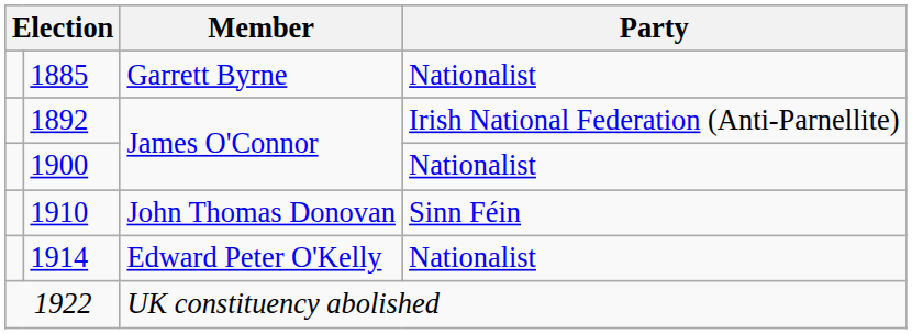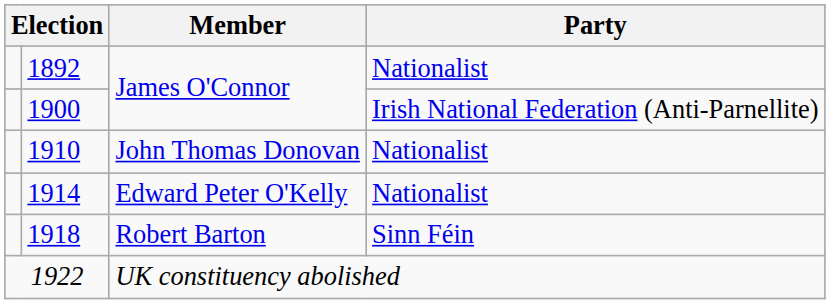 <table class="wikitable">
 <tr>
 <th colspan="2">Election</th>
 <th>Member</th>
 <th>Party</th>
 </tr>
 <tr>
 <td style="color:inherit;background-color: "></td>
-<td><a href='#'>1885</a></td>
-<td><a href='#'>Garrett Byrne</a></td>
+<td><a href='#'>1892</a></td>
+<td rowspan="2"><a href='#'>James O'Connor</a></td>
 <td><a href='#'>Nationalist</a></td>
 </tr>
 <tr>
 <td style="color:inherit;background-color: "></td>
-<td><a href='#'>1892</a></td>
-<td rowspan="2"><a href='#'>James O'Connor</a></td>
+<td><a href='#'>1900</a></td>
 <td><a href='#'>Irish National Federation</a> (Anti-Parnellite)</td>
-</tr>
-<tr>
-<td style="color:inherit;background-color: "></td>
-<td><a href='#'>1900</a></td>
-<td><a href='#'>Nationalist</a></td>
 </tr>
 <tr>
 <td style="color:inherit;background-color: "></td>
 <td><a href='#'>1910</a></td>
 <td><a href='#'>John Thomas Donovan</a></td>
-<td><a href='#'>Sinn Féin</a></td>
+<td><a href='#'>Nationalist</a></td>
 </tr>
 <tr>
 <td style="color:inherit;background-color: "></td>
 <td><a href='#'>1914</a></td>
 <td><a href='#'>Edward Peter O'Kelly</a></td>
 <td><a href='#'>Nationalist</a></td>
 </tr>
 <tr>
+<td style="color:inherit;background-color: "></td>
+<td><a href='#'>1918</a></td>
+<td><a href='#'>Robert Barton</a></td>
+<td><a href='#'>Sinn Féin</a></td>
+</tr>
+<tr>
 <td colspan="2" align="center"><em>1922</em></td>
 <td colspan="2"><em>UK constituency abolished</em></td>
 </tr>
 </table>
